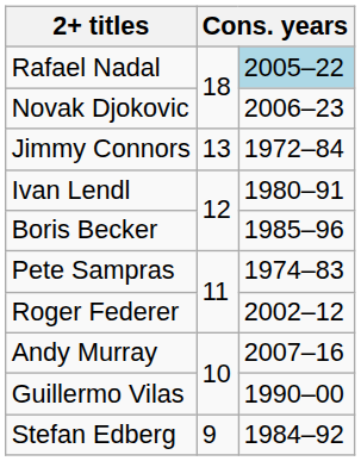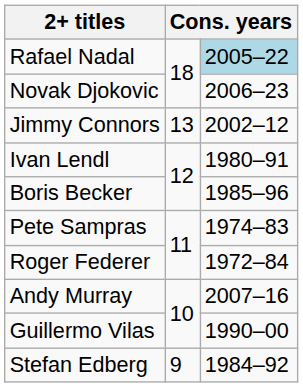 <table class="wikitable" style="display:inline-table;">
 <tr>
 <th>2+ titles</th>
 <th colspan="2">Cons. years</th>
 </tr>
 <tr>
 <td> Rafael Nadal</td>
 <td rowspan="2">18</td>
 <td style="background: lightblue;">2005–22</td>
 </tr>
 <tr>
 <td> Novak Djokovic</td>
 <td>2006–23</td>
 </tr>
 <tr>
 <td> Jimmy Connors</td>
 <td>13</td>
-<td>1972–84</td>
+<td>2002–12</td>
 </tr>
 <tr>
 <td> Ivan Lendl</td>
 <td rowspan="2">12</td>
 <td>1980–91</td>
 </tr>
 <tr>
 <td> Boris Becker</td>
 <td>1985–96</td>
 </tr>
 <tr>
 <td> Pete Sampras</td>
 <td rowspan="2">11</td>
 <td>1974–83</td>
 </tr>
 <tr>
 <td> Roger Federer</td>
-<td>2002–12</td>
+<td>1972–84</td>
 </tr>
 <tr>
 <td> Andy Murray</td>
 <td rowspan="2">10</td>
 <td>2007–16</td>
 </tr>
 <tr>
 <td> Guillermo Vilas</td>
 <td>1990–00</td>
 </tr>
 <tr>
 <td> Stefan Edberg</td>
 <td>9</td>
 <td>1984–92</td>
 </tr>
 </table>
